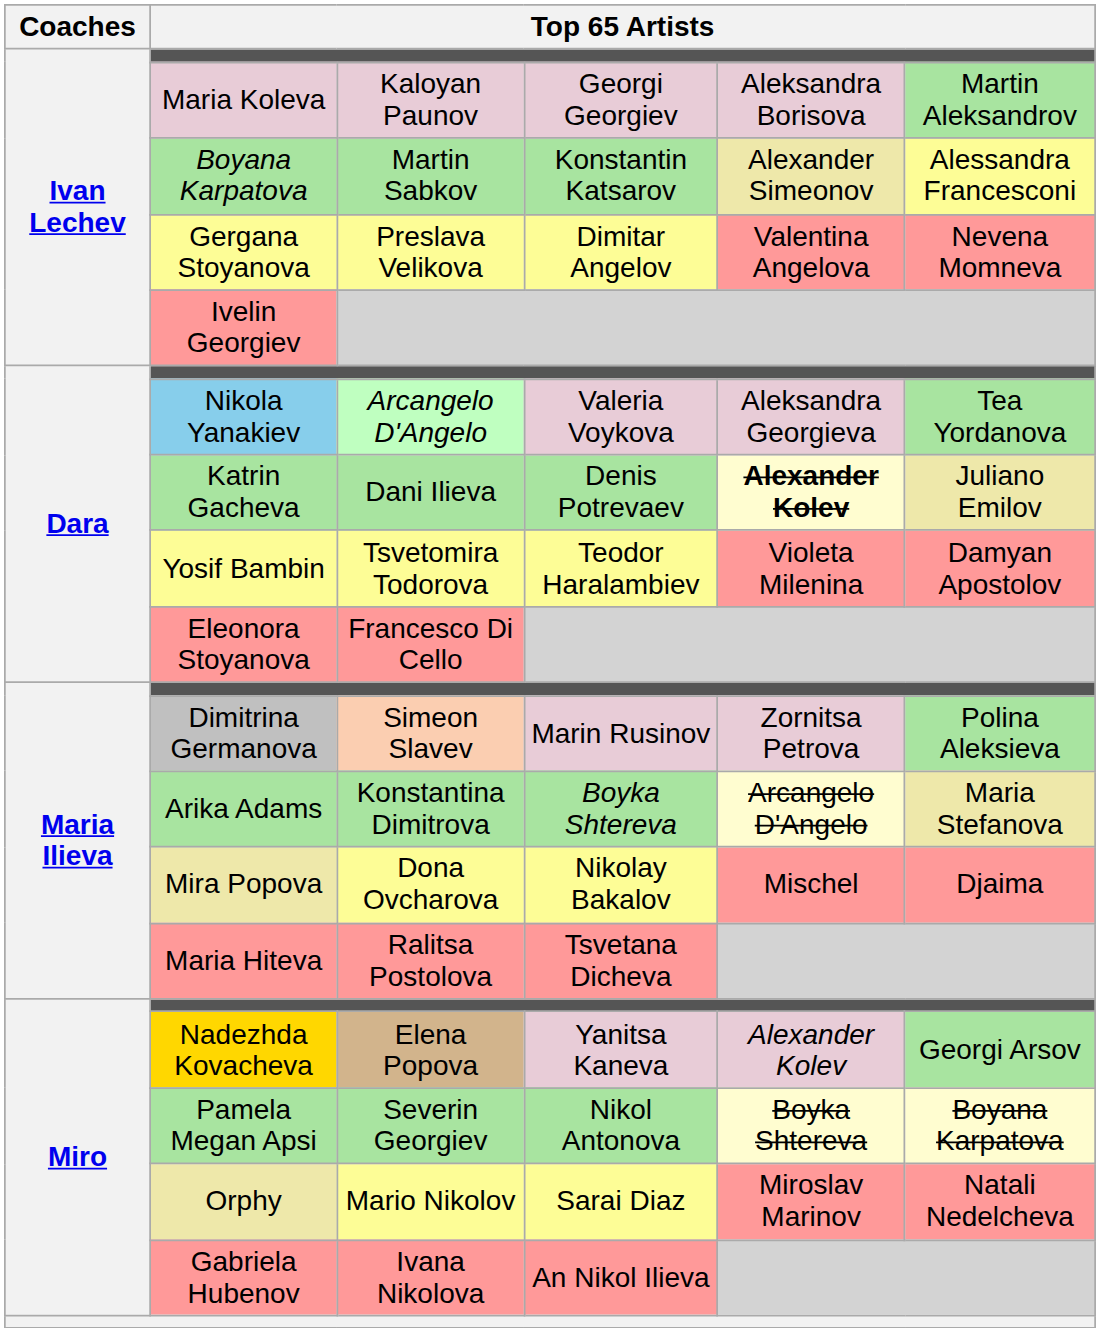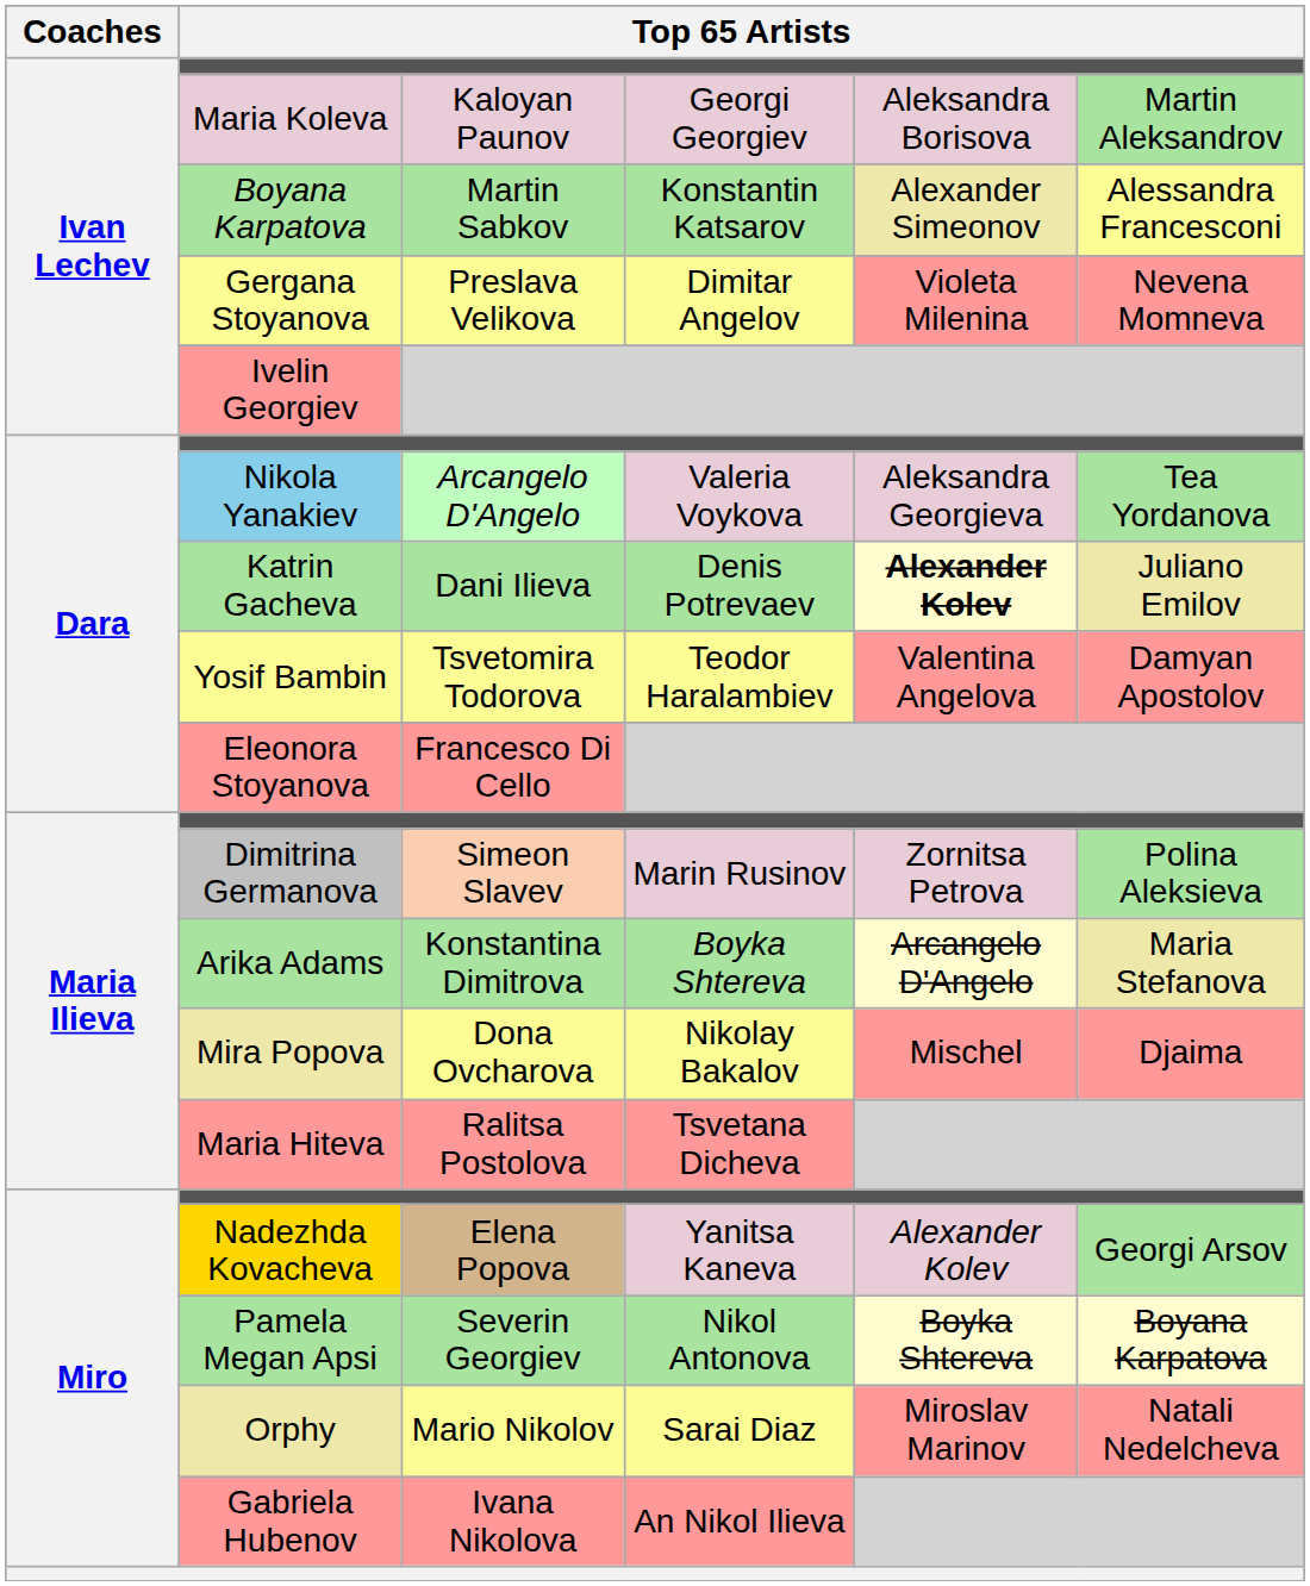 <table class="wikitable" style="text-align:center; width:100%">
 <tr>
 <th scope="col" width="10%">Coaches</th>
 <th scope="col" width="100%" colspan="5">Top 65 Artists</th>
 </tr>
 <tr>
 <th rowspan="5"><a href='#'>Ivan Lechev</a></th>
 <td colspan="6" style="background:#555555"></td>
 </tr>
 <tr>
 <td width="15%" style="background:#E8CCD7">Maria Koleva</td>
 <td width="15%" style="background:#E8CCD7">Kaloyan Paunov</td>
 <td width="15%" style="background:#E8CCD7">Georgi Georgiev</td>
 <td style="background:#E8CCD7">Aleksandra Borisova</td>
 <td style="background:#A8E4A0">Martin Aleksandrov</td>
 </tr>
 <tr>
 <td style="background:#A8E4A0"><em>Boyana Karpatova</em></td>
 <td style="background:#A8E4A0">Martin Sabkov</td>
 <td style="background:#A8E4A0">Konstantin Katsarov</td>
 <td style="background: palegoldenrod">Alexander Simeonov</td>
 <td style="background:#FDFD96">Alessandra Francesconi</td>
 </tr>
 <tr>
 <td style="background:#FDFD96">Gergana Stoyanova</td>
 <td style="background:#FDFD96">Preslava Velikova</td>
 <td style="background:#FDFD96">Dimitar Angelov</td>
-<td style="background:#ff9999">Valentina Angelova</td>
+<td style="background:#ff9999">Violeta Milenina</td>
 <td style="background:#ff9999">Nevena Momneva</td>
 </tr>
 <tr>
 <td style="background:#ff9999">Ivelin Georgiev</td>
 <td colspan="4" style="background:lightgrey"></td>
 </tr>
 <tr>
 <th rowspan="5"><a href='#'>Dara</a></th>
 <td colspan="6" style="background:#555555"></td>
 </tr>
 <tr>
 <td bgcolor="skyblue">Nikola Yanakiev</td>
 <td bgcolor="#BFFFC0"><em>Arcangelo D'Angelo</em></td>
 <td style="background:#E8CCD7">Valeria Voykova</td>
 <td style="background:#E8CCD7">Aleksandra Georgieva</td>
 <td style="background:#A8E4A0">Tea Yordanova</td>
 </tr>
 <tr>
 <td style="background:#A8E4A0">Katrin Gacheva</td>
 <td style="background:#A8E4A0">Dani Ilieva</td>
 <td style="background:#A8E4A0">Denis Potrevaev</td>
 <td style="background:#FFFDD0"><strong><s>Alexander Kolev</s></strong></td>
 <td style="background: palegoldenrod">Juliano Emilov</td>
 </tr>
 <tr>
 <td style="background:#FDFD96">Yosif Bambin</td>
 <td style="background:#FDFD96">Tsvetomira Todorova</td>
 <td style="background:#FDFD96">Teodor Haralambiev</td>
-<td style="background:#ff9999">Violeta Milenina</td>
+<td style="background:#ff9999">Valentina Angelova</td>
 <td style="background:#ff9999">Damyan Apostolov</td>
 </tr>
 <tr>
 <td style="background:#ff9999">Eleonora Stoyanova</td>
 <td style="background:#ff9999">Francesco Di Cello</td>
 <td colspan="3" style="background:lightgrey"></td>
 </tr>
 <tr>
 <th rowspan="5"><a href='#'>Maria Ilieva</a></th>
 <td colspan="6" style="background:#555555"></td>
 </tr>
 <tr>
 <td bgcolor="silver">Dimitrina Germanova</td>
 <td bgcolor="#fbceb1">Simeon Slavev</td>
 <td style="background:#E8CCD7">Marin Rusinov</td>
 <td width="15%" style="background:#E8CCD7">Zornitsa Petrova</td>
 <td style="background:#A8E4A0">Polina Aleksieva</td>
 </tr>
 <tr>
 <td style="background:#A8E4A0">Arika Adams</td>
 <td style="background:#A8E4A0">Konstantina Dimitrova</td>
 <td style="background:#A8E4A0"><em>Boyka Shtereva</em></td>
 <td style="background:#FFFDD0"><s>Arcangelo D'Angelo</s></td>
 <td style="background: palegoldenrod">Maria Stefanova</td>
 </tr>
 <tr>
 <td style="background: palegoldenrod">Mira Popova</td>
 <td style="background:#FDFD96">Dona Ovcharova</td>
 <td style="background:#FDFD96">Nikolay Bakalov</td>
 <td style="background:#ff9999">Mischel</td>
 <td style="background:#ff9999">Djaima</td>
 </tr>
 <tr>
 <td style="background:#ff9999">Maria Hiteva</td>
 <td style="background:#ff9999">Ralitsa Postolova</td>
 <td style="background:#ff9999">Tsvetana Dicheva</td>
 <td colspan="2" style="background:lightgrey"></td>
 </tr>
 <tr>
 <th rowspan="5"><a href='#'>Miro</a></th>
 <td colspan="6" style="background:#555555"></td>
 </tr>
 <tr>
 <td bgcolor="gold">Nadezhda Kovacheva</td>
 <td bgcolor="tan">Elena Popova</td>
 <td style="background:#E8CCD7">Yanitsa Kaneva</td>
 <td style="background:#E8CCD7"><em>Alexander Kolev</em></td>
 <td width="15%" style="background:#A8E4A0">Georgi Arsov</td>
 </tr>
 <tr>
 <td style="background:#A8E4A0">Pamela Megan Apsi</td>
 <td style="background:#A8E4A0">Severin Georgiev</td>
 <td style="background:#A8E4A0">Nikol Antonova</td>
 <td style="background:#FFFDD0"><s>Boyka Shtereva</s></td>
 <td style="background:#FFFDD0"><s>Boyana Karpatova</s></td>
 </tr>
 <tr>
 <td style="background: palegoldenrod">Orphy</td>
 <td style="background:#FDFD96">Mario Nikolov</td>
 <td style="background:#FDFD96">Sarai Diaz</td>
 <td style="background:#ff9999">Miroslav Marinov</td>
 <td style="background:#ff9999">Natali Nedelcheva</td>
 </tr>
 <tr>
 <td style="background:#ff9999; width:14%">Gabriela Hubenov</td>
 <td style="background:#ff9999; width:14%">Ivana Nikolova</td>
 <td style="background:#ff9999; width:14%">An Nikol Ilieva</td>
 <td colspan="2" style="background:lightgrey; width:14%"></td>
 </tr>
 <tr>
 <th colspan="7" style="font-size:90%; line-height:12px;"></th>
 </tr>
 <tr>
 </tr>
 </table>
